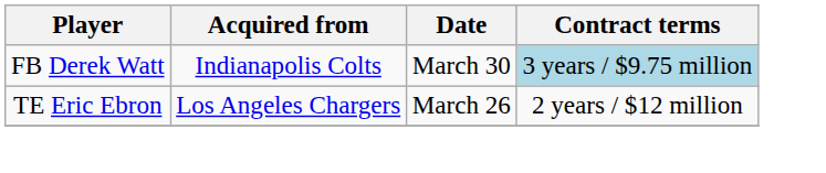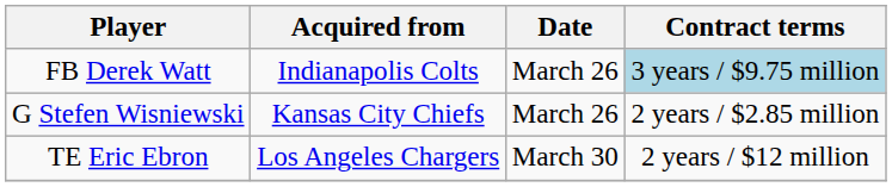 <table class="wikitable" style="text-align:center">
 <tr>
 <th>Player</th>
 <th>Acquired from</th>
 <th>Date</th>
 <th>Contract terms</th>
 </tr>
 <tr>
 <td>FB <a href='#'>Derek Watt</a></td>
 <td><a href='#'>Indianapolis Colts</a></td>
-<td>March 30</td>
+<td>March 26</td>
 <td style="background: lightblue;">3 years / $9.75 million</td>
+</tr>
+<tr>
+<td>G <a href='#'>Stefen Wisniewski</a></td>
+<td><a href='#'>Kansas City Chiefs</a></td>
+<td>March 26</td>
+<td>2 years / $2.85 million</td>
 </tr>
 <tr>
 <td>TE <a href='#'>Eric Ebron</a></td>
 <td><a href='#'>Los Angeles Chargers</a></td>
-<td>March 26</td>
+<td>March 30</td>
 <td>2 years / $12 million</td>
 </tr>
 <tr>
 </tr>
 </table>
